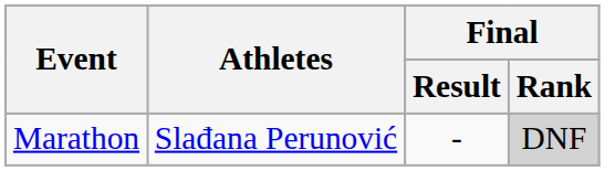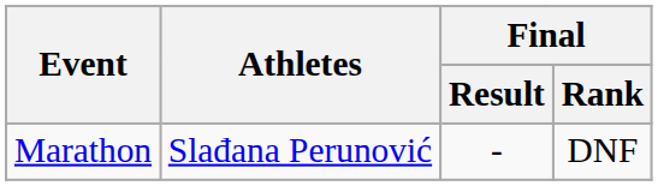 <table class="wikitable" border="1" style="font-size:90%">
 <tr>
 <th rowspan="2">Event</th>
 <th rowspan="2">Athletes</th>
 <th colspan="2">Final</th>
 </tr>
 <tr>
 <th>Result</th>
 <th>Rank</th>
 </tr>
 <tr>
 <td rowspan="1"><a href='#'>Marathon</a></td>
 <td><a href='#'>Slađana Perunović</a></td>
 <td align=center>-</td>
-<td align=center style="background: lightgrey;">DNF</td>
+<td align=center>DNF</td>
 </tr>
 </table>
